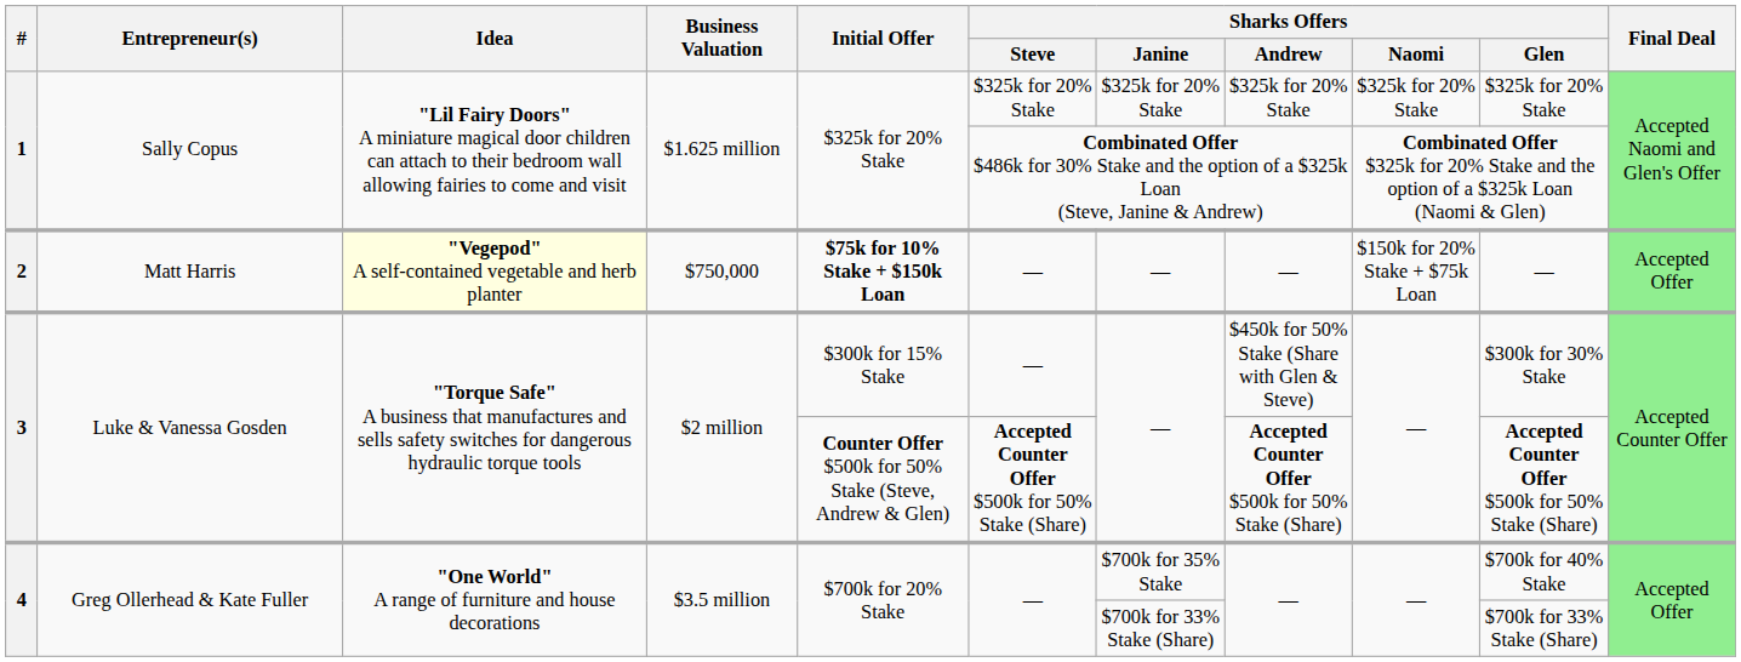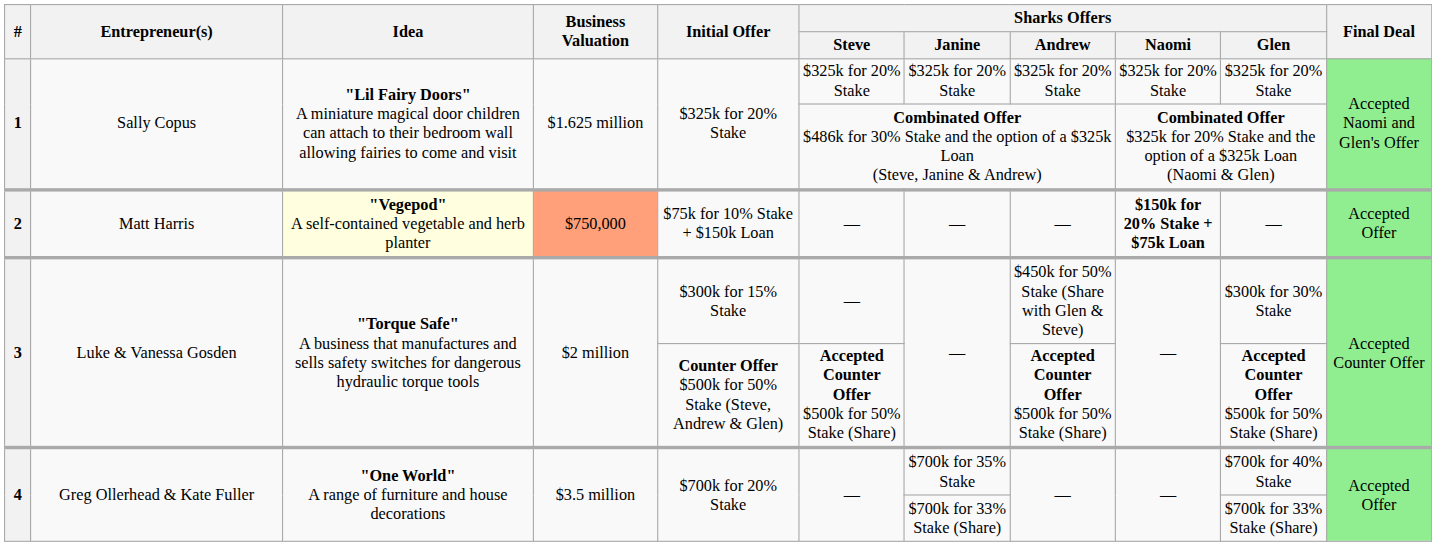 <table class="wikitable plainrowheaders" style="font-size:90%; text-align:center; width: 100%; margin-left: auto; margin-right: auto;">
 <tr>
 <th scope="col" bgcolor="lightgrey" rowspan="2" width="15" align="center">#</th>
 <th scope="col" bgcolor="lightgrey" rowspan="2" width="200" align="center">Entrepreneur(s)</th>
 <th scope="col" bgcolor="lightgrey" rowspan="2" width="200" align="center">Idea</th>
 <th scope="col" bgcolor="lightgrey" rowspan="2" width="95" align="center">Business Valuation</th>
 <th scope="col" bgcolor="lightgrey" rowspan="2" width="110" align="center">Initial Offer</th>
 <th scope="col" bgcolor="lightgrey" colspan="5">Sharks Offers</th>
 <th scope="col" bgcolor="lightgrey" rowspan="2" width="80" align="center">Final Deal</th>
 </tr>
 <tr>
 <th width="80" align="center"><strong>Steve</strong></th>
 <th width="80" align="center"><strong>Janine</strong></th>
 <th width="80" align="center"><strong>Andrew</strong></th>
 <th width="80" align="center"><strong>Naomi</strong></th>
 <th width="80" align="center"><strong>Glen</strong></th>
 </tr>
 <tr>
 <th rowspan="2">1</th>
 <td rowspan="2">Sally Copus</td>
 <td rowspan="2"><strong>"Lil Fairy Doors"</strong><br> A miniature magical door children can attach to their bedroom wall allowing fairies to come and visit</td>
 <td rowspan="2">$1.625 million</td>
 <td rowspan="2">$325k for 20% Stake</td>
 <td>$325k for 20% Stake</td>
 <td>$325k for 20% Stake</td>
 <td>$325k for 20% Stake</td>
 <td>$325k for 20% Stake</td>
 <td>$325k for 20% Stake</td>
 <td rowspan="2" bgcolor="lightgreen">Accepted Naomi and Glen's Offer</td>
 </tr>
 <tr>
 <td colspan="3"><strong>Combinated Offer</strong><br>$486k for 30% Stake and the option of a $325k Loan<br>(Steve, Janine & Andrew)</td>
 <td colspan="2"><strong>Combinated Offer</strong><br>$325k for 20% Stake and the option of a $325k Loan<br>(Naomi & Glen)</td>
 </tr>
 <tr style="border-top:3px solid #aaa;">
 <th>2</th>
 <td>Matt Harris</td>
 <td style="background: lightyellow;"><strong>"Vegepod"</strong><br> A self-contained vegetable and herb planter</td>
-<td>$750,000</td>
-<td><strong>$75k for 10% Stake + $150k Loan</strong></td>
+<td style="background: lightsalmon;">$750,000</td>
+<td>$75k for 10% Stake + $150k Loan</td>
 <td>—</td>
 <td>—</td>
 <td>—</td>
-<td>$150k for 20% Stake + $75k Loan</td>
+<td><strong>$150k for 20% Stake + $75k Loan</strong></td>
 <td>—</td>
 <td bgcolor="lightgreen">Accepted Offer</td>
 </tr>
 <tr style="border-top:3px solid #aaa;">
 <th rowspan="2">3</th>
 <td rowspan="2">Luke & Vanessa Gosden</td>
 <td rowspan="2"><strong>"Torque Safe"</strong><br> A business that manufactures and sells safety switches for dangerous hydraulic torque tools</td>
 <td rowspan="2">$2 million</td>
 <td>$300k for 15% Stake</td>
 <td>—</td>
 <td rowspan="2">—</td>
 <td>$450k for 50% Stake (Share with Glen & Steve)</td>
 <td rowspan="2">—</td>
 <td>$300k for 30% Stake</td>
 <td rowspan="2" bgcolor="lightgreen">Accepted Counter Offer</td>
 </tr>
 <tr>
 <td><strong>Counter Offer</strong><br>$500k for 50% Stake (Steve, Andrew & Glen)</td>
 <td><strong>Accepted Counter Offer</strong><br>$500k for 50% Stake (Share)</td>
 <td><strong>Accepted Counter Offer</strong><br>$500k for 50% Stake (Share)</td>
 <td><strong>Accepted Counter Offer</strong><br>$500k for 50% Stake (Share)</td>
 </tr>
 <tr style="border-top:3px solid #aaa;">
 <th rowspan="2">4</th>
 <td rowspan="2">Greg Ollerhead & Kate Fuller</td>
 <td rowspan="2"><strong>"One World"</strong><br> A range of furniture and house decorations</td>
 <td rowspan="2">$3.5 million</td>
 <td rowspan="2">$700k for 20% Stake</td>
 <td rowspan="2">—</td>
 <td>$700k for 35% Stake</td>
 <td rowspan="2">—</td>
 <td rowspan="2">—</td>
 <td>$700k for 40% Stake</td>
 <td rowspan="2" bgcolor="lightgreen">Accepted Offer</td>
 </tr>
 <tr>
 <td>$700k for 33% Stake (Share)</td>
 <td>$700k for 33% Stake (Share)</td>
 </tr>
 </table>
